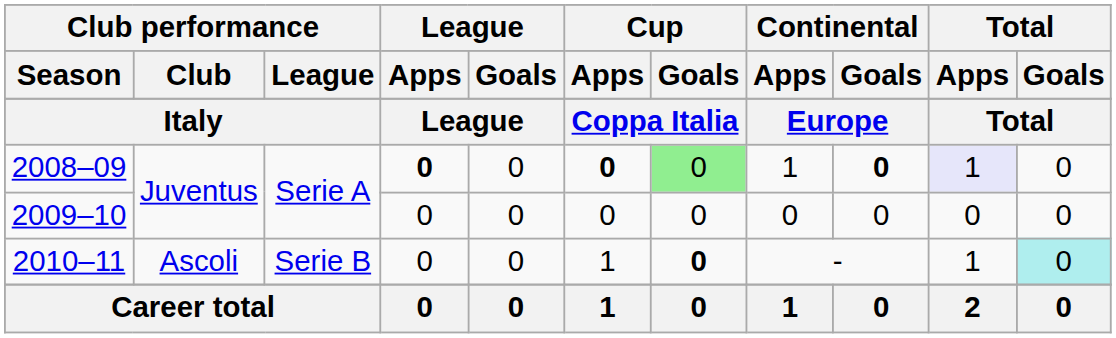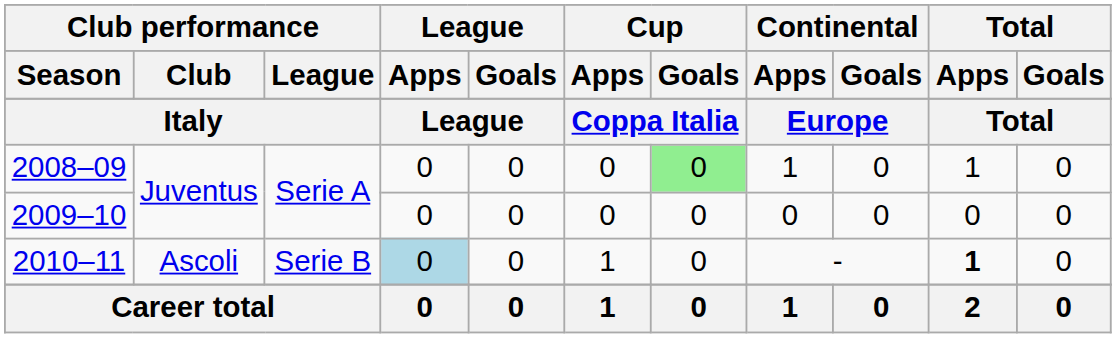 <table class="wikitable" style="text-align:center">
 <tr>
 <th colspan=3>Club performance</th>
 <th colspan=2>League</th>
 <th colspan=2>Cup</th>
 <th colspan=2>Continental</th>
 <th colspan=2>Total</th>
 </tr>
 <tr>
 <th>Season</th>
 <th>Club</th>
 <th>League</th>
 <th>Apps</th>
 <th>Goals</th>
 <th>Apps</th>
 <th>Goals</th>
 <th>Apps</th>
 <th>Goals</th>
 <th>Apps</th>
 <th>Goals</th>
 </tr>
 <tr>
 </tr>
 <tr>
 <th colspan=3>Italy</th>
 <th colspan=2>League</th>
 <th colspan=2><a href='#'>Coppa Italia</a></th>
 <th colspan=2><a href='#'>Europe</a></th>
 <th colspan=2>Total</th>
 </tr>
 <tr>
 <td><a href='#'>2008–09</a></td>
 <td rowspan="2"><a href='#'>Juventus</a></td>
 <td rowspan="2"><a href='#'>Serie A</a></td>
-<td><strong>0</strong></td>
 <td>0</td>
-<td><strong>0</strong></td>
+<td>0</td>
+<td>0</td>
 <td style="background: lightgreen;">0</td>
 <td>1</td>
-<td><strong>0</strong></td>
-<td style="background: lavender;">1</td>
+<td>0</td>
+<td>1</td>
 <td>0</td>
 </tr>
 <tr>
 <td><a href='#'>2009–10</a></td>
 <td>0</td>
 <td>0</td>
 <td>0</td>
 <td>0</td>
 <td>0</td>
 <td>0</td>
 <td>0</td>
 <td>0</td>
 </tr>
 <tr>
 <td><a href='#'>2010–11</a></td>
 <td><a href='#'>Ascoli</a></td>
 <td><a href='#'>Serie B</a></td>
-<td>0</td>
+<td style="background: lightblue;">0</td>
 <td>0</td>
 <td>1</td>
-<td><strong>0</strong></td>
+<td>0</td>
 <td colspan='2'>-</td>
-<td>1</td>
-<td style="background: paleturquoise;">0</td>
+<td><strong>1</strong></td>
+<td>0</td>
 </tr>
 <tr>
 </tr>
 <tr>
 <th colspan=3>Career total</th>
 <th>0</th>
 <th>0</th>
 <th>1</th>
 <th>0</th>
 <th>1</th>
 <th>0</th>
 <th>2</th>
 <th>0</th>
 </tr>
 </table>
